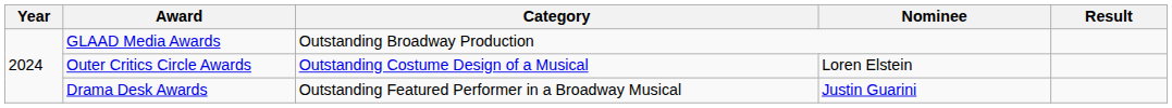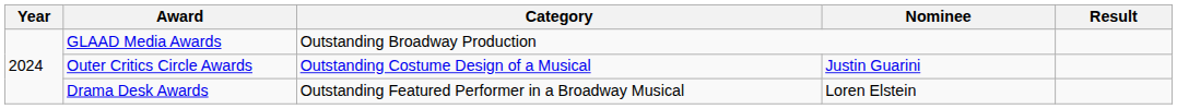 <table class="wikitable" width="95%">
 <tr>
 <th width="5%">Year</th>
 <th width="20%">Award</th>
 <th width="45%">Category</th>
 <th width="20%">Nominee</th>
 <th width="10%">Result</th>
 </tr>
 <tr>
 <td rowspan="3">2024</td>
 <td><a href='#'>GLAAD Media Awards</a></td>
 <td colspan="2">Outstanding Broadway Production</td>
 <td></td>
 </tr>
 <tr>
 <td><a href='#'>Outer Critics Circle Awards</a></td>
 <td><a href='#'>Outstanding Costume Design of a Musical</a></td>
-<td>Loren Elstein</td>
+<td><a href='#'>Justin Guarini</a></td>
 <td></td>
 </tr>
 <tr>
 <td><a href='#'>Drama Desk Awards</a></td>
 <td>Outstanding Featured Performer in a Broadway Musical</td>
-<td><a href='#'>Justin Guarini</a></td>
+<td>Loren Elstein</td>
 <td></td>
 </tr>
 </table>
